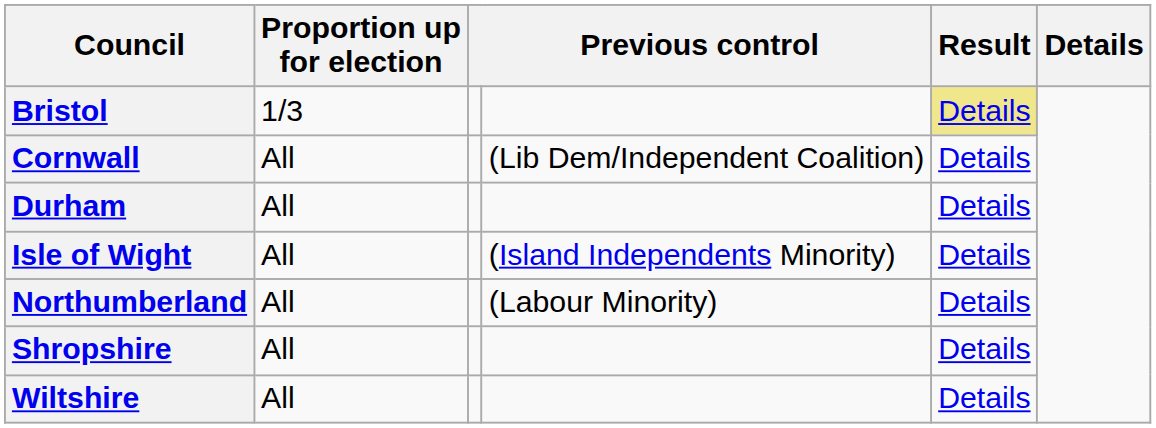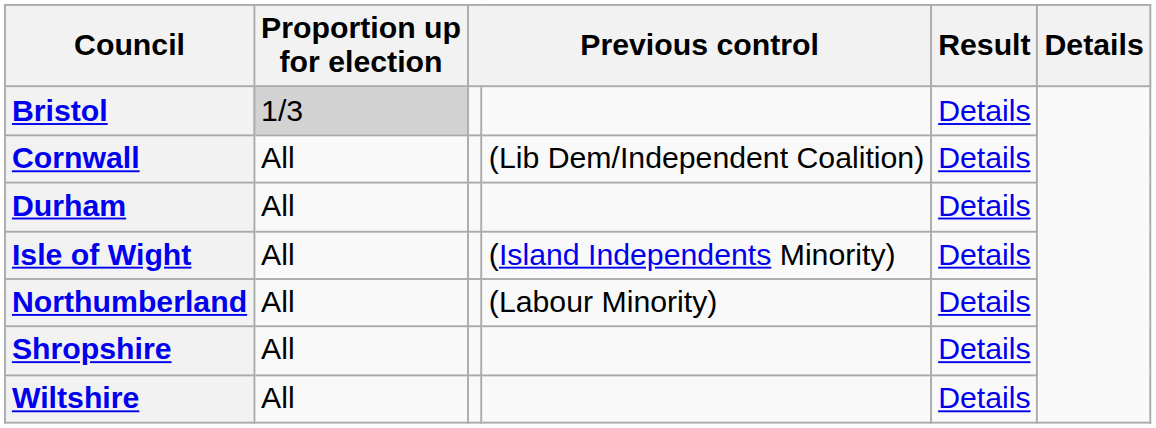 <table class="wikitable">
 <tr>
 <th scope="col">Council</th>
 <th scope="col">Proportion up<br>for election</th>
 <th colspan=2>Previous control</th>
 <th colspan=2>Result</th>
 <th scope="col" class="unsortable">Details</th>
 </tr>
 <tr>
 <th scope="row" style="text-align: left;"><a href='#'>Bristol</a></th>
-<td>1/3</td>
+<td style="background: lightgrey;">1/3</td>
 <td></td>
 <td></td>
-<td style="background: khaki;"><a href='#'>Details</a></td>
+<td><a href='#'>Details</a></td>
 </tr>
 <tr>
 <th scope="row" style="text-align: left;"><a href='#'>Cornwall</a></th>
 <td>All</td>
 <td></td>
 <td> (Lib Dem/Independent Coalition)</td>
 <td><a href='#'>Details</a></td>
 </tr>
 <tr>
 <th scope="row" style="text-align: left;"><a href='#'>Durham</a></th>
 <td>All</td>
 <td></td>
 <td></td>
 <td><a href='#'>Details</a></td>
 </tr>
 <tr>
 <th scope="row" style="text-align: left;"><a href='#'>Isle of Wight</a></th>
 <td>All</td>
 <td></td>
 <td> (<a href='#'>Island Independents</a> Minority)</td>
 <td><a href='#'>Details</a></td>
 </tr>
 <tr>
 <th scope="row" style="text-align: left;"><a href='#'>Northumberland</a></th>
 <td>All</td>
 <td></td>
 <td> (Labour Minority)</td>
 <td><a href='#'>Details</a></td>
 </tr>
 <tr>
 <th scope="row" style="text-align: left;"><a href='#'>Shropshire</a></th>
 <td>All</td>
 <td></td>
 <td></td>
 <td><a href='#'>Details</a></td>
 </tr>
 <tr>
 <th scope="row" style="text-align: left;"><a href='#'>Wiltshire</a></th>
 <td>All</td>
 <td></td>
 <td></td>
 <td><a href='#'>Details</a></td>
 </tr>
 </table>
